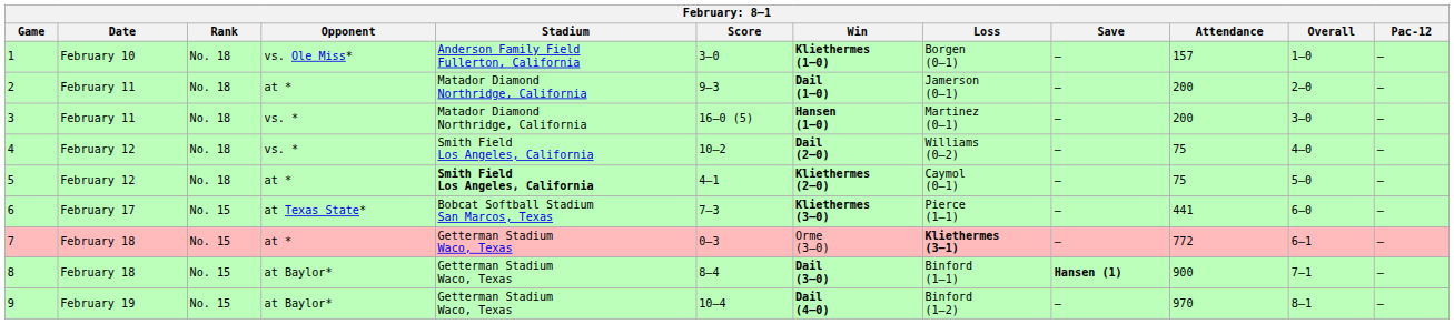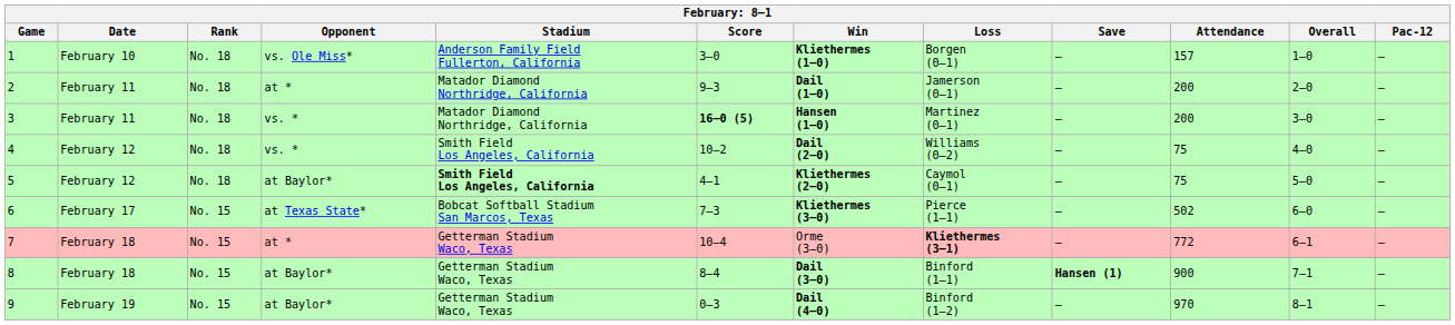 <table class="wikitable collapsible collapsed" style="margin:auto; font-size:95%; width:100%">
 <tr>
 <th colspan=12>February: 8–1</th>
 </tr>
 <tr>
 <th>Game</th>
 <th>Date</th>
 <th>Rank</th>
 <th>Opponent</th>
 <th>Stadium</th>
 <th>Score</th>
 <th>Win</th>
 <th>Loss</th>
 <th>Save</th>
 <th>Attendance</th>
 <th>Overall</th>
 <th>Pac-12</th>
 </tr>
 <tr style="background:#bfb;">
 <td>1</td>
 <td>February 10</td>
 <td>No. 18</td>
 <td>vs. <a href='#'>Ole Miss</a>*</td>
 <td><a href='#'>Anderson Family Field</a><br><a href='#'>Fullerton, California</a></td>
 <td>3–0</td>
 <td><strong>Kliethermes<br>(1–0)</strong></td>
 <td>Borgen<br>(0–1)</td>
 <td>—</td>
 <td>157</td>
 <td>1–0</td>
 <td>–</td>
 </tr>
 <tr style="background:#bfb;">
 <td>2</td>
 <td>February 11</td>
 <td>No. 18</td>
 <td>at *</td>
 <td>Matador Diamond<br><a href='#'>Northridge, California</a></td>
 <td>9–3</td>
 <td><strong>Dail<br>(1–0)</strong></td>
 <td>Jamerson<br>(0–1)</td>
 <td>—</td>
 <td>200</td>
 <td>2–0</td>
 <td>–</td>
 </tr>
 <tr style="background:#bfb;">
 <td>3</td>
 <td>February 11</td>
 <td>No. 18</td>
 <td>vs. *</td>
 <td>Matador Diamond<br>Northridge, California</td>
-<td>16–0 (5)</td>
+<td><strong>16–0 (5)</strong></td>
 <td><strong>Hansen<br>(1–0)</strong></td>
 <td>Martinez<br>(0–1)</td>
 <td>—</td>
 <td>200</td>
 <td>3–0</td>
 <td>–</td>
 </tr>
 <tr style="background:#bfb;">
 <td>4</td>
 <td>February 12</td>
 <td>No. 18</td>
 <td>vs. *</td>
 <td>Smith Field<br><a href='#'>Los Angeles, California</a></td>
 <td>10–2</td>
 <td><strong>Dail<br>(2–0)</strong></td>
 <td>Williams<br>(0–2)</td>
 <td>—</td>
 <td>75</td>
 <td>4–0</td>
 <td>–</td>
 </tr>
 <tr style="background:#bfb;">
 <td>5</td>
 <td>February 12</td>
 <td>No. 18</td>
-<td>at *</td>
+<td>at Baylor*</td>
 <td><strong>Smith Field<br>Los Angeles, California</strong></td>
 <td>4–1</td>
 <td><strong>Kliethermes<br>(2–0)</strong></td>
 <td>Caymol<br>(0–1)</td>
 <td>—</td>
 <td>75</td>
 <td>5–0</td>
 <td>–</td>
 </tr>
 <tr style="background:#bfb;">
 <td>6</td>
 <td>February 17</td>
 <td>No. 15</td>
 <td>at <a href='#'>Texas State</a>*</td>
 <td>Bobcat Softball Stadium<br><a href='#'>San Marcos, Texas</a></td>
 <td>7–3</td>
 <td><strong>Kliethermes<br>(3–0)</strong></td>
 <td>Pierce<br>(1–1)</td>
 <td>—</td>
-<td>441</td>
+<td>502</td>
 <td>6–0</td>
 <td>–</td>
 </tr>
 <tr style="background:#fbb;">
 <td>7</td>
 <td>February 18</td>
 <td>No. 15</td>
 <td>at *</td>
 <td>Getterman Stadium<br><a href='#'>Waco, Texas</a></td>
-<td>0–3</td>
+<td>10–4</td>
 <td>Orme<br>(3–0)</td>
 <td><strong>Kliethermes<br>(3–1)</strong></td>
 <td>—</td>
 <td>772</td>
 <td>6–1</td>
 <td>–</td>
 </tr>
 <tr style="background:#bfb;">
 <td>8</td>
 <td>February 18</td>
 <td>No. 15</td>
 <td>at Baylor*</td>
 <td>Getterman Stadium<br>Waco, Texas</td>
 <td>8–4</td>
 <td><strong>Dail<br>(3–0)</strong></td>
 <td>Binford<br>(1–1)</td>
 <td><strong>Hansen (1)</strong></td>
 <td>900</td>
 <td>7–1</td>
 <td>–</td>
 </tr>
 <tr style="background:#bfb;">
 <td>9</td>
 <td>February 19</td>
 <td>No. 15</td>
 <td>at Baylor*</td>
 <td>Getterman Stadium<br>Waco, Texas</td>
-<td>10–4</td>
+<td>0–3</td>
 <td><strong>Dail<br>(4–0)</strong></td>
 <td>Binford<br>(1–2)</td>
 <td>—</td>
 <td>970</td>
 <td>8–1</td>
 <td>–</td>
 </tr>
 </table>
